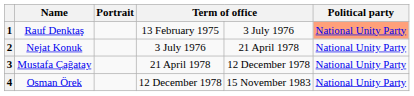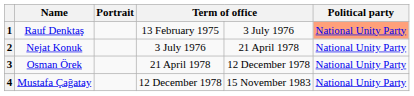 <table class="wikitable" style="text-align:center">
 <tr>
 <th></th>
 <th>Name<br></th>
 <th>Portrait</th>
 <th colspan=2>Term of office</th>
 <th>Political party</th>
 </tr>
 <tr>
 <th style="background:">1</th>
 <td><a href='#'>Rauf Denktaş</a><br></td>
 <td></td>
 <td>13 February 1975</td>
 <td>3 July 1976</td>
 <td style="background: lightsalmon;"><a href='#'>National Unity Party</a></td>
 </tr>
 <tr>
 <th style="background:">2</th>
 <td><a href='#'>Nejat Konuk</a><br></td>
 <td></td>
 <td>3 July 1976</td>
 <td>21 April 1978</td>
 <td><a href='#'>National Unity Party</a></td>
 </tr>
 <tr>
 <th style="background:">3</th>
-<td><a href='#'>Mustafa Çağatay</a><br></td>
+<td><a href='#'>Osman Örek</a><br></td>
 <td></td>
 <td>21 April 1978</td>
 <td>12 December 1978</td>
 <td><a href='#'>National Unity Party</a></td>
 </tr>
 <tr>
 <th style="background:">4</th>
-<td><a href='#'>Osman Örek</a><br></td>
+<td><a href='#'>Mustafa Çağatay</a><br></td>
 <td></td>
 <td>12 December 1978</td>
 <td>15 November 1983</td>
 <td><a href='#'>National Unity Party</a></td>
 </tr>
 </table>
